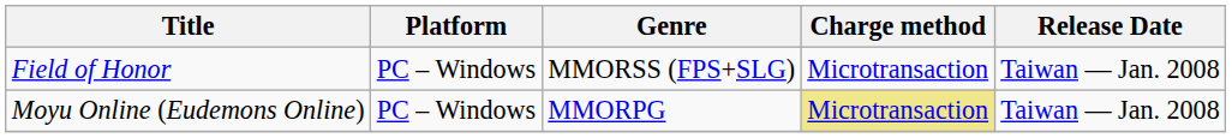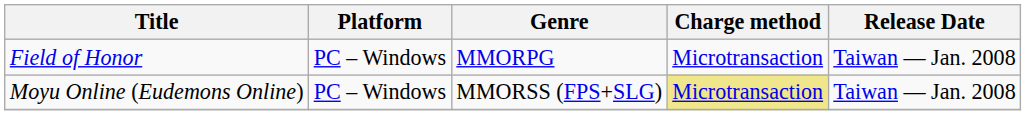 <table class="wikitable">
 <tr>
 <th>Title</th>
 <th>Platform</th>
 <th>Genre</th>
 <th>Charge method</th>
 <th>Release Date</th>
 </tr>
 <tr>
 <td><em><a href='#'>Field of Honor</a></em></td>
 <td><a href='#'>PC</a> – Windows</td>
-<td>MMORSS (<a href='#'>FPS</a>+<a href='#'>SLG</a>)</td>
+<td><a href='#'>MMORPG</a></td>
 <td><a href='#'>Microtransaction</a></td>
 <td><a href='#'>Taiwan</a> — Jan. 2008</td>
 </tr>
 <tr>
 <td><em>Moyu Online</em> (<em>Eudemons Online</em>)</td>
 <td><a href='#'>PC</a> – Windows</td>
-<td><a href='#'>MMORPG</a></td>
+<td>MMORSS (<a href='#'>FPS</a>+<a href='#'>SLG</a>)</td>
 <td style="background: khaki;"><a href='#'>Microtransaction</a></td>
 <td><a href='#'>Taiwan</a> — Jan. 2008</td>
 </tr>
 <tr>
 </tr>
 </table>
